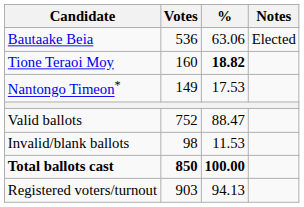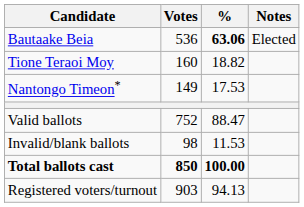 <table class=wikitable style=text-align:right>
 <tr>
 <th>Candidate</th>
 <th>Votes</th>
 <th>%</th>
 <th>Notes</th>
 </tr>
 <tr>
 <td align=left><a href='#'>Bautaake Beia</a></td>
 <td>536</td>
-<td>63.06</td>
+<td><strong>63.06</strong></td>
 <td>Elected</td>
 </tr>
 <tr>
 <td align=left><a href='#'>Tione Teraoi Moy</a></td>
 <td>160</td>
-<td><strong>18.82</strong></td>
+<td>18.82</td>
 <td></td>
 </tr>
 <tr>
 <td align=left><a href='#'>Nantongo Timeon</a><sup>*</sup></td>
 <td>149</td>
 <td>17.53</td>
 <td></td>
 </tr>
 <tr>
 <th colspan=6></th>
 </tr>
 <tr>
 <td align=left>Valid ballots</td>
 <td>752</td>
 <td>88.47</td>
 <td></td>
 </tr>
 <tr>
 <td align=left>Invalid/blank ballots</td>
 <td>98</td>
 <td>11.53</td>
 <td></td>
 </tr>
 <tr style="font-weight:bold">
 <td align=left>Total ballots cast</td>
 <td>850</td>
 <td>100.00</td>
 <td></td>
 </tr>
 <tr>
 <td align=left>Registered voters/turnout</td>
 <td>903</td>
 <td>94.13</td>
 <td></td>
 </tr>
 </table>
